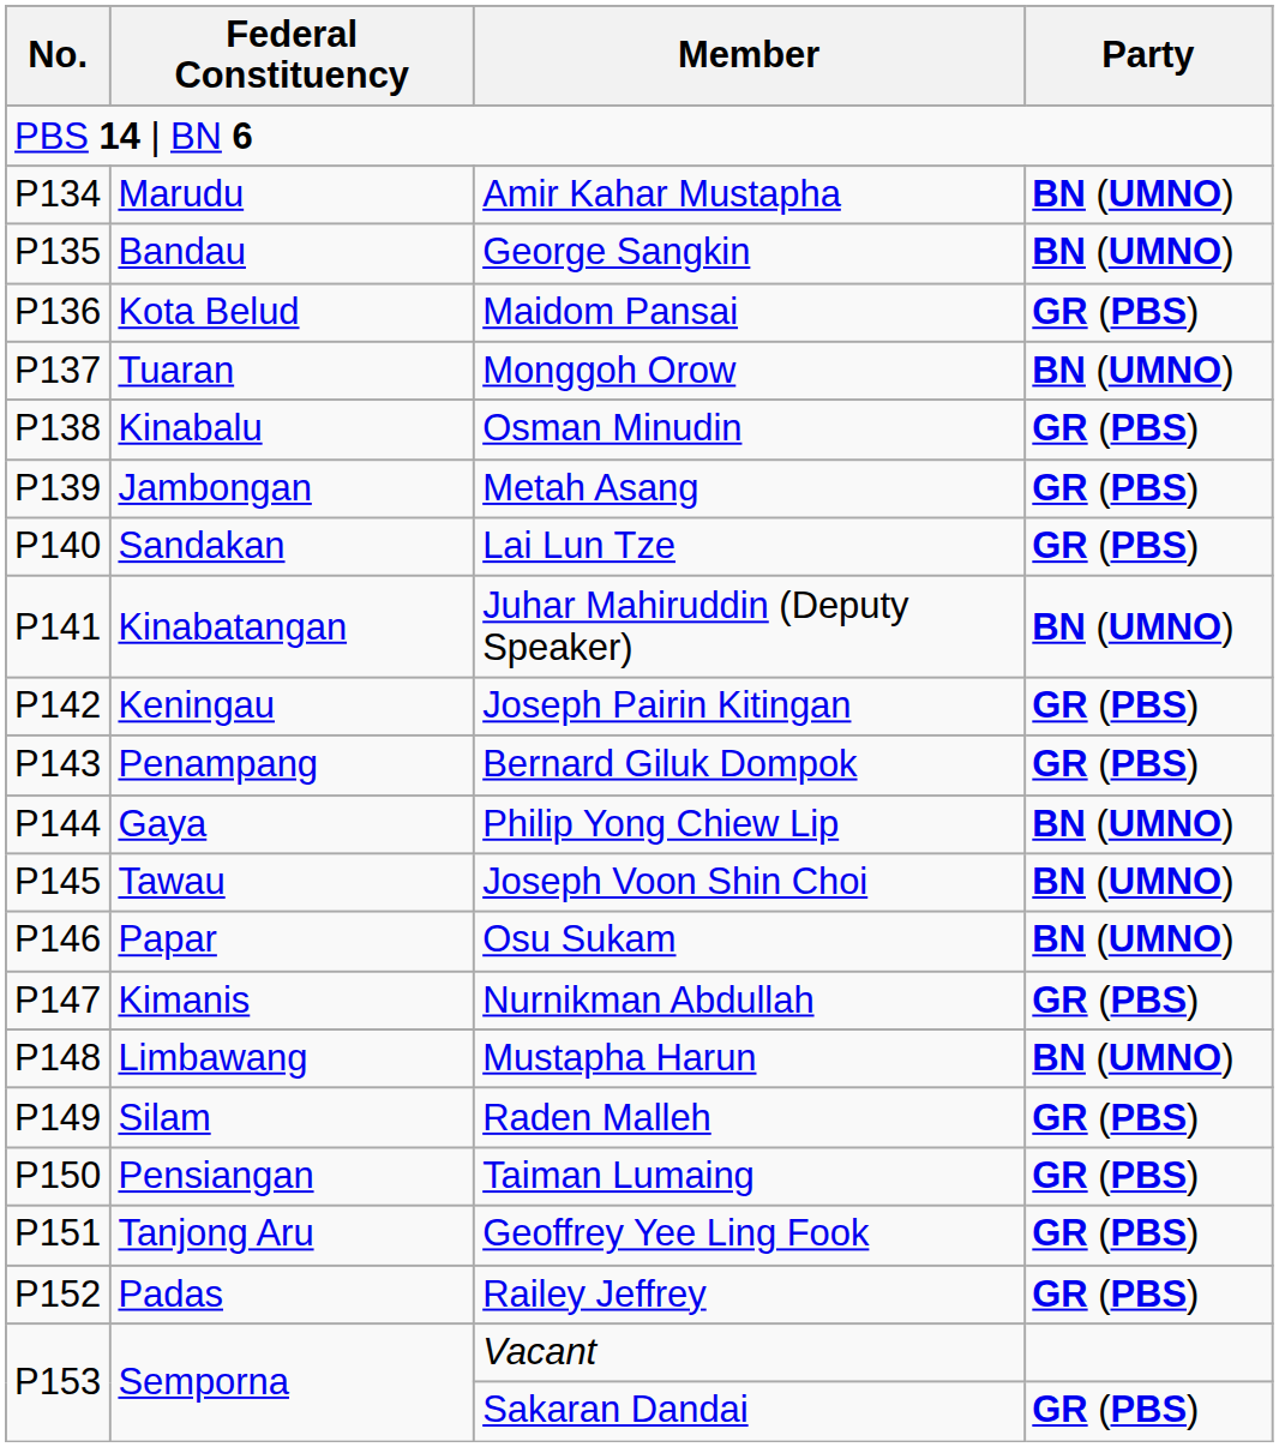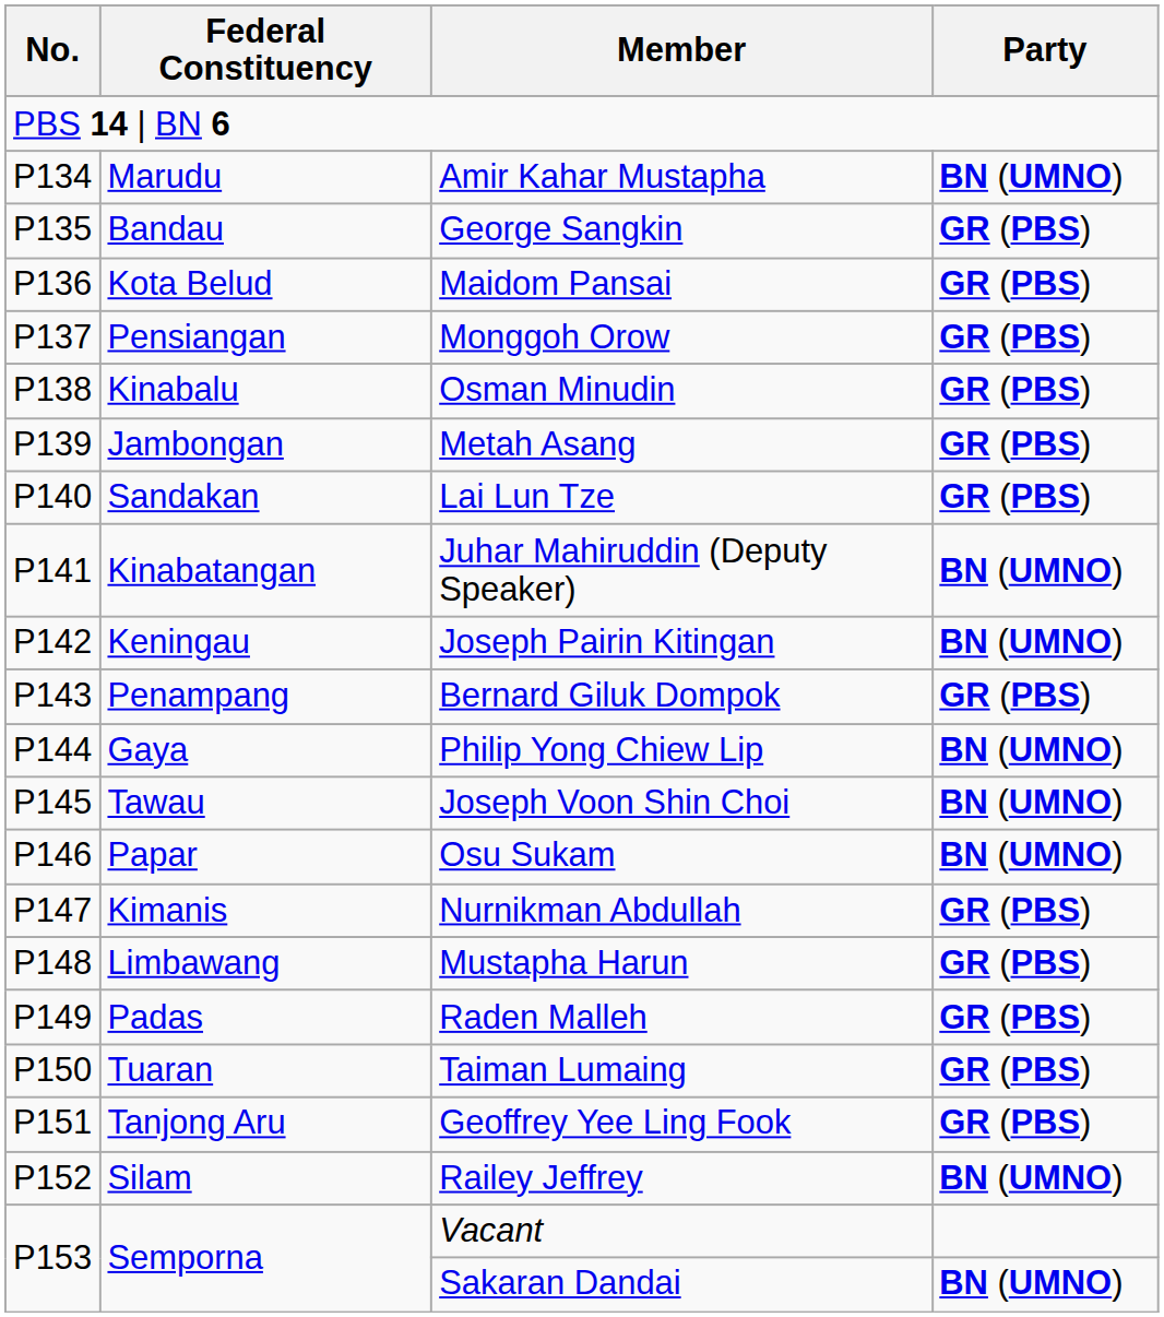 <table class="wikitable sortable">
 <tr>
 <th style="width:30px;">No.</th>
 <th style="width:150px;">Federal Constituency</th>
 <th style="width:230px;">Member</th>
 <th style="width:100px;">Party</th>
 </tr>
 <tr>
 <td colspan="4"><a href='#'>PBS</a> <strong>14</strong> | <a href='#'>BN</a> <strong>6</strong></td>
 </tr>
 <tr>
 <td>P134</td>
 <td><a href='#'>Marudu</a></td>
 <td><a href='#'>Amir Kahar Mustapha</a></td>
 <td><strong><a href='#'>BN</a></strong> (<strong><a href='#'>UMNO</a></strong>)</td>
 </tr>
 <tr>
 <td>P135</td>
 <td><a href='#'>Bandau</a></td>
 <td><a href='#'>George Sangkin</a></td>
-<td><strong><a href='#'>BN</a></strong> (<strong><a href='#'>UMNO</a></strong>)</td>
+<td><strong><a href='#'>GR</a></strong> (<strong><a href='#'>PBS</a></strong>)</td>
 </tr>
 <tr>
 <td>P136</td>
 <td><a href='#'>Kota Belud</a></td>
 <td><a href='#'>Maidom Pansai</a></td>
 <td><strong><a href='#'>GR</a></strong> (<strong><a href='#'>PBS</a></strong>)</td>
 </tr>
 <tr>
 <td>P137</td>
-<td><a href='#'>Tuaran</a></td>
+<td><a href='#'>Pensiangan</a></td>
 <td><a href='#'>Monggoh Orow</a></td>
-<td><strong><a href='#'>BN</a></strong> (<strong><a href='#'>UMNO</a></strong>)</td>
+<td><strong><a href='#'>GR</a></strong> (<strong><a href='#'>PBS</a></strong>)</td>
 </tr>
 <tr>
 <td>P138</td>
 <td><a href='#'>Kinabalu</a></td>
 <td><a href='#'>Osman Minudin</a></td>
 <td><strong><a href='#'>GR</a></strong> (<strong><a href='#'>PBS</a></strong>)</td>
 </tr>
 <tr>
 <td>P139</td>
 <td><a href='#'>Jambongan</a></td>
 <td><a href='#'>Metah Asang</a></td>
 <td><strong><a href='#'>GR</a></strong> (<strong><a href='#'>PBS</a></strong>)</td>
 </tr>
 <tr>
 <td>P140</td>
 <td><a href='#'>Sandakan</a></td>
 <td><a href='#'>Lai Lun Tze</a></td>
 <td><strong><a href='#'>GR</a></strong> (<strong><a href='#'>PBS</a></strong>)</td>
 </tr>
 <tr>
 <td>P141</td>
 <td><a href='#'>Kinabatangan</a></td>
 <td><a href='#'>Juhar Mahiruddin</a> (Deputy Speaker)</td>
 <td><strong><a href='#'>BN</a></strong> (<strong><a href='#'>UMNO</a></strong>)</td>
 </tr>
 <tr>
 <td>P142</td>
 <td><a href='#'>Keningau</a></td>
 <td><a href='#'>Joseph Pairin Kitingan</a></td>
-<td><strong><a href='#'>GR</a></strong> (<strong><a href='#'>PBS</a></strong>)</td>
+<td><strong><a href='#'>BN</a></strong> (<strong><a href='#'>UMNO</a></strong>)</td>
 </tr>
 <tr>
 <td>P143</td>
 <td><a href='#'>Penampang</a></td>
 <td><a href='#'>Bernard Giluk Dompok</a></td>
 <td><strong><a href='#'>GR</a></strong> (<strong><a href='#'>PBS</a></strong>)</td>
 </tr>
 <tr>
 <td>P144</td>
 <td><a href='#'>Gaya</a></td>
 <td><a href='#'>Philip Yong Chiew Lip</a></td>
 <td><strong><a href='#'>BN</a></strong> (<strong><a href='#'>UMNO</a></strong>)</td>
 </tr>
 <tr>
 <td>P145</td>
 <td><a href='#'>Tawau</a></td>
 <td><a href='#'>Joseph Voon Shin Choi</a></td>
 <td><strong><a href='#'>BN</a></strong> (<strong><a href='#'>UMNO</a></strong>)</td>
 </tr>
 <tr>
 <td>P146</td>
 <td><a href='#'>Papar</a></td>
 <td><a href='#'>Osu Sukam</a></td>
 <td><strong><a href='#'>BN</a></strong> (<strong><a href='#'>UMNO</a></strong>)</td>
 </tr>
 <tr>
 <td>P147</td>
 <td><a href='#'>Kimanis</a></td>
 <td><a href='#'>Nurnikman Abdullah</a></td>
 <td><strong><a href='#'>GR</a></strong> (<strong><a href='#'>PBS</a></strong>)</td>
 </tr>
 <tr>
 <td>P148</td>
 <td><a href='#'>Limbawang</a></td>
 <td><a href='#'>Mustapha Harun</a></td>
-<td><strong><a href='#'>BN</a></strong> (<strong><a href='#'>UMNO</a></strong>)</td>
+<td><strong><a href='#'>GR</a></strong> (<strong><a href='#'>PBS</a></strong>)</td>
 </tr>
 <tr>
 <td>P149</td>
-<td><a href='#'>Silam</a></td>
+<td><a href='#'>Padas</a></td>
 <td><a href='#'>Raden Malleh</a></td>
 <td><strong><a href='#'>GR</a></strong> (<strong><a href='#'>PBS</a></strong>)</td>
 </tr>
 <tr>
 <td>P150</td>
-<td><a href='#'>Pensiangan</a></td>
+<td><a href='#'>Tuaran</a></td>
 <td><a href='#'>Taiman Lumaing</a></td>
 <td><strong><a href='#'>GR</a></strong> (<strong><a href='#'>PBS</a></strong>)</td>
 </tr>
 <tr>
 <td>P151</td>
 <td><a href='#'>Tanjong Aru</a></td>
 <td><a href='#'>Geoffrey Yee Ling Fook</a></td>
 <td><strong><a href='#'>GR</a></strong> (<strong><a href='#'>PBS</a></strong>)</td>
 </tr>
 <tr>
 <td>P152</td>
-<td><a href='#'>Padas</a></td>
+<td><a href='#'>Silam</a></td>
 <td><a href='#'>Railey Jeffrey</a></td>
-<td><strong><a href='#'>GR</a></strong> (<strong><a href='#'>PBS</a></strong>)</td>
+<td><strong><a href='#'>BN</a></strong> (<strong><a href='#'>UMNO</a></strong>)</td>
 </tr>
 <tr>
 <td rowspan=2>P153</td>
 <td rowspan=2><a href='#'>Semporna</a></td>
 <td><em>Vacant</em> </td>
 <td></td>
 </tr>
 <tr>
 <td><a href='#'>Sakaran Dandai</a> </td>
-<td><strong><a href='#'>GR</a></strong> (<strong><a href='#'>PBS</a></strong>)</td>
+<td><strong><a href='#'>BN</a></strong> (<strong><a href='#'>UMNO</a></strong>)</td>
 </tr>
 </table>
